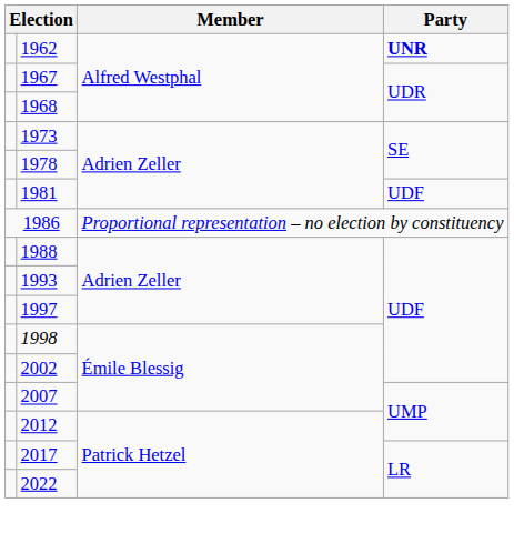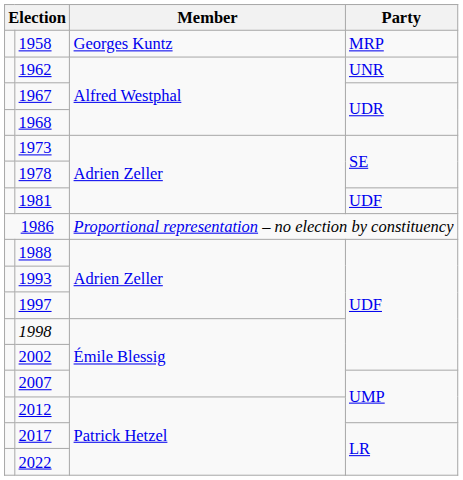 <table class="wikitable">
 <tr>
 <th colspan="2">Election</th>
 <th>Member</th>
 <th>Party</th>
 </tr>
 <tr>
 <td style="background-color: "></td>
+<td><a href='#'>1958</a></td>
+<td><a href='#'>Georges Kuntz</a></td>
+<td><a href='#'>MRP</a></td>
+</tr>
+<tr>
+<td style="background-color: "></td>
 <td><a href='#'>1962</a></td>
 <td rowspan="3"><a href='#'>Alfred Westphal</a></td>
-<td><strong><a href='#'>UNR</a></strong></td>
+<td><a href='#'>UNR</a></td>
 </tr>
 <tr>
 <td style="background-color: "></td>
 <td><a href='#'>1967</a></td>
 <td rowspan="2"><a href='#'>UDR</a></td>
 </tr>
 <tr>
 <td style="background-color: "></td>
 <td><a href='#'>1968</a></td>
 </tr>
 <tr>
 <td style="background-color: "></td>
 <td><a href='#'>1973</a></td>
 <td rowspan="3"><a href='#'>Adrien Zeller</a></td>
 <td rowspan="2"><a href='#'>SE</a></td>
 </tr>
 <tr>
 <td style="background-color: "></td>
 <td><a href='#'>1978</a></td>
 </tr>
 <tr>
 <td style="background-color: "></td>
 <td><a href='#'>1981</a></td>
 <td><a href='#'>UDF</a></td>
 </tr>
 <tr>
 <td colspan="2" align="center"><a href='#'>1986</a></td>
 <td colspan="2"><em><a href='#'>Proportional representation</a> – no election by constituency</em></td>
 </tr>
 <tr>
 <td style="background-color: "></td>
 <td><a href='#'>1988</a></td>
 <td rowspan="3"><a href='#'>Adrien Zeller</a></td>
 <td rowspan="5"><a href='#'>UDF</a></td>
 </tr>
 <tr>
 <td style="background-color: "></td>
 <td><a href='#'>1993</a></td>
 </tr>
 <tr>
 <td style="background-color: "></td>
 <td><a href='#'>1997</a></td>
 </tr>
 <tr>
 <td style="background-color: "></td>
 <td><em>1998</em></td>
 <td rowspan="3"><a href='#'>Émile Blessig</a></td>
 </tr>
 <tr>
 <td style="background-color: "></td>
 <td><a href='#'>2002</a></td>
 </tr>
 <tr>
 <td style="background-color: "></td>
 <td><a href='#'>2007</a></td>
 <td rowspan="2"><a href='#'>UMP</a></td>
 </tr>
 <tr>
 <td style="background-color: "></td>
 <td><a href='#'>2012</a></td>
 <td rowspan="3"><a href='#'>Patrick Hetzel</a></td>
 </tr>
 <tr>
 <td style="background-color: "></td>
 <td><a href='#'>2017</a></td>
 <td rowspan="2"><a href='#'>LR</a></td>
 </tr>
 <tr>
 <td style="background-color: "></td>
 <td><a href='#'>2022</a></td>
 </tr>
 </table>
